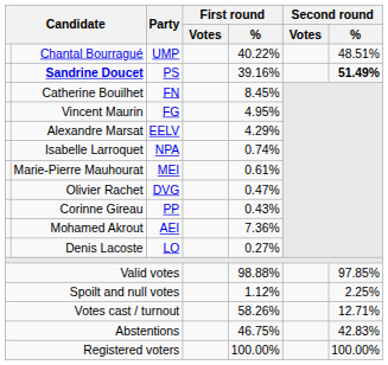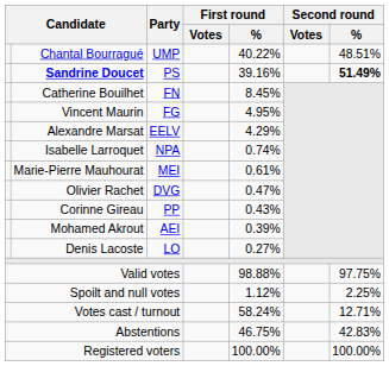 <table class="wikitable" style="text-align:right;font-size:95%;">
 <tr>
 <th rowspan=2 colspan=2>Candidate</th>
 <th rowspan=2 colspan=1>Party</th>
 <th colspan=2>First round</th>
 <th colspan=2>Second round</th>
 </tr>
 <tr>
 <th style="width:50px;">Votes</th>
 <th style="width:55px;">%</th>
 <th style="width:50px;">Votes</th>
 <th style="width:55px;">%</th>
 </tr>
 <tr>
 <td style="color:inherit;background-color:"></td>
 <td><a href='#'>Chantal Bourragué</a></td>
 <td><a href='#'>UMP</a></td>
 <td></td>
 <td>40.22%</td>
 <td></td>
 <td>48.51%</td>
 </tr>
 <tr>
 <td style="color:inherit;background-color:"></td>
 <td><strong><a href='#'>Sandrine Doucet</a></strong></td>
 <td><a href='#'>PS</a></td>
 <td></td>
 <td>39.16%</td>
 <td><strong></strong></td>
 <td><strong>51.49%</strong></td>
 </tr>
 <tr>
 <td style="color:inherit;background-color:"></td>
 <td>Catherine Bouilhet</td>
 <td><a href='#'>FN</a></td>
 <td></td>
 <td>8.45%</td>
 <td colspan=7 rowspan=9 style="background-color:#E9E9E9;"></td>
 </tr>
 <tr>
 <td style="color:inherit;background-color:"></td>
 <td>Vincent Maurin</td>
 <td><a href='#'>FG</a></td>
 <td></td>
 <td>4.95%</td>
 </tr>
 <tr>
 <td style="color:inherit;background-color:"></td>
 <td>Alexandre Marsat</td>
 <td><a href='#'>EELV</a></td>
 <td></td>
 <td>4.29%</td>
 </tr>
 <tr>
 <td style="color:inherit;background-color:"></td>
 <td>Isabelle Larroquet</td>
 <td><a href='#'>NPA</a></td>
 <td></td>
 <td>0.74%</td>
 </tr>
 <tr>
 <td style="color:inherit;background-color:"></td>
 <td>Marie-Pierre Mauhourat</td>
 <td><a href='#'>MEI</a></td>
 <td></td>
 <td>0.61%</td>
 </tr>
 <tr>
 <td style="color:inherit;background-color:"></td>
 <td>Olivier Rachet</td>
 <td><a href='#'>DVG</a> </td>
 <td></td>
 <td>0.47%</td>
 </tr>
 <tr>
 <td style="color:inherit;background-color:"></td>
 <td>Corinne Gireau</td>
 <td><a href='#'>PP</a></td>
 <td></td>
 <td>0.43%</td>
 </tr>
 <tr>
 <td style="color:inherit;background-color:"></td>
 <td>Mohamed Akrout</td>
 <td><a href='#'>AEI</a></td>
 <td></td>
-<td>7.36%</td>
+<td>0.39%</td>
 </tr>
 <tr>
 <td style="color:inherit;background-color:"></td>
 <td>Denis Lacoste</td>
 <td><a href='#'>LO</a></td>
 <td></td>
 <td>0.27%</td>
 </tr>
 <tr>
 <td colspan=7 style="background-color:#E9E9E9;"></td>
 </tr>
 <tr>
 <td colspan=3>Valid votes</td>
 <td></td>
 <td>98.88%</td>
 <td></td>
-<td>97.85%</td>
+<td>97.75%</td>
 </tr>
 <tr>
 <td colspan=3>Spoilt and null votes</td>
 <td></td>
 <td>1.12%</td>
 <td></td>
 <td>2.25%</td>
 </tr>
 <tr>
 <td colspan=3>Votes cast / turnout</td>
 <td></td>
-<td>58.26%</td>
+<td>58.24%</td>
 <td></td>
 <td>12.71%</td>
 </tr>
 <tr>
 <td colspan=3>Abstentions</td>
 <td></td>
 <td>46.75%</td>
 <td></td>
 <td>42.83%</td>
 </tr>
 <tr>
 <td colspan=3>Registered voters</td>
 <td></td>
 <td>100.00%</td>
 <td></td>
 <td>100.00%</td>
 </tr>
 </table>
